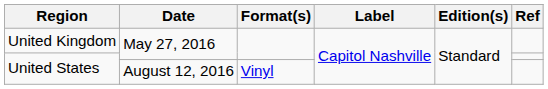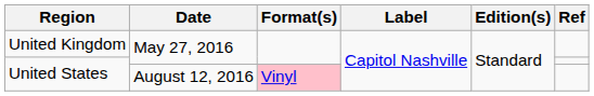 <table class="wikitable plainrowheaders">
 <tr>
 <th scope="col">Region</th>
 <th scope="col">Date</th>
 <th scope="col">Format(s)</th>
 <th scope="col">Label</th>
 <th scope="col">Edition(s)</th>
 <th scope="col">Ref</th>
 </tr>
 <tr>
 <td>United Kingdom</td>
 <td rowspan="2">May 27, 2016</td>
 <td rowspan="2"></td>
 <td rowspan="3"><a href='#'>Capitol Nashville</a></td>
 <td rowspan="3">Standard</td>
 <td></td>
 </tr>
 <tr>
 <td rowspan="2">United States</td>
 <td></td>
 </tr>
 <tr>
 <td>August 12, 2016</td>
-<td><a href='#'>Vinyl</a></td>
+<td style="background: pink;"><a href='#'>Vinyl</a></td>
 <td></td>
 </tr>
 </table>
